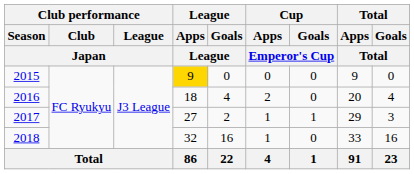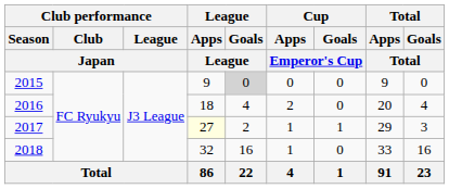 <table class="wikitable" style="text-align:center;">
 <tr>
 <th colspan=3>Club performance</th>
 <th colspan=2>League</th>
 <th colspan=2>Cup</th>
 <th colspan=2>Total</th>
 </tr>
 <tr>
 <th>Season</th>
 <th>Club</th>
 <th>League</th>
 <th>Apps</th>
 <th>Goals</th>
 <th>Apps</th>
 <th>Goals</th>
 <th>Apps</th>
 <th>Goals</th>
 </tr>
 <tr>
 <th colspan=3>Japan</th>
 <th colspan=2>League</th>
 <th colspan=2><a href='#'>Emperor's Cup</a></th>
 <th colspan=2>Total</th>
 </tr>
 <tr>
 <td><a href='#'>2015</a></td>
 <td rowspan="4"><a href='#'>FC Ryukyu</a></td>
 <td rowspan="4"><a href='#'>J3 League</a></td>
-<td style="background: gold;">9</td>
-<td>0</td>
+<td>9</td>
+<td style="background: lightgrey;">0</td>
 <td>0</td>
 <td>0</td>
 <td>9</td>
 <td>0</td>
 </tr>
 <tr>
 <td><a href='#'>2016</a></td>
 <td>18</td>
 <td>4</td>
 <td>2</td>
 <td>0</td>
 <td>20</td>
 <td>4</td>
 </tr>
 <tr>
 <td><a href='#'>2017</a></td>
-<td>27</td>
+<td style="background: lightyellow;">27</td>
 <td>2</td>
 <td>1</td>
 <td>1</td>
 <td>29</td>
 <td>3</td>
 </tr>
 <tr>
 <td><a href='#'>2018</a></td>
 <td>32</td>
 <td>16</td>
 <td>1</td>
 <td>0</td>
 <td>33</td>
 <td>16</td>
 </tr>
 <tr>
 <th colspan=3>Total</th>
 <th>86</th>
 <th>22</th>
 <th>4</th>
 <th>1</th>
 <th>91</th>
 <th>23</th>
 </tr>
 </table>
